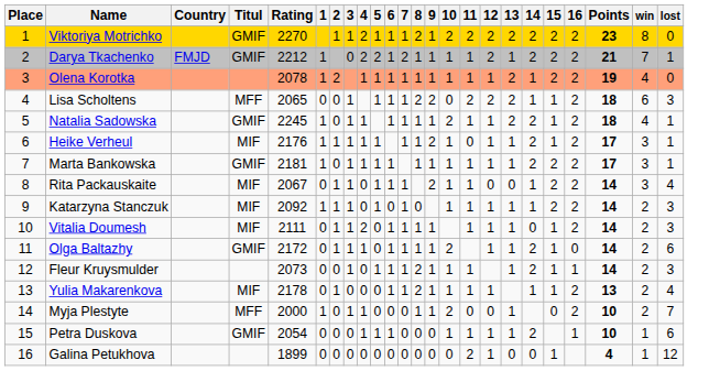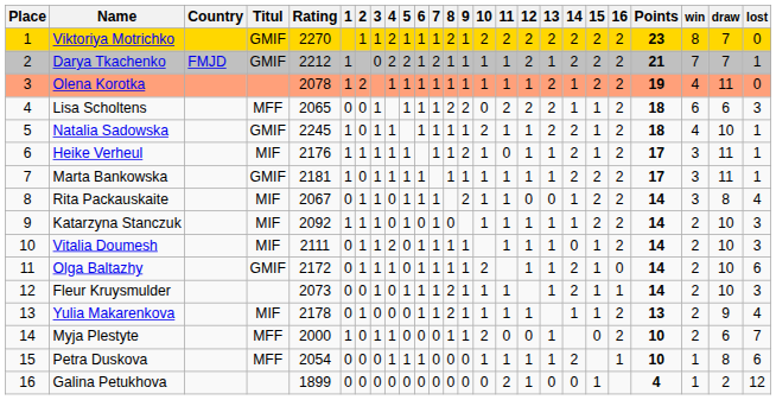 <table class=wikitable style="text-align: center;">
 <tr>
 <th>Place</th>
 <th>Name</th>
 <th>Country</th>
 <th>Titul</th>
 <th>Rating</th>
 <th>1</th>
 <th>2</th>
 <th>3</th>
 <th>4</th>
 <th>5</th>
 <th>6</th>
 <th>7</th>
 <th>8</th>
 <th>9</th>
 <th>10</th>
 <th>11</th>
 <th>12</th>
 <th>13</th>
 <th>14</th>
 <th>15</th>
 <th>16</th>
 <th>Points</th>
 <th><small>win</small></th>
+<th><small>draw</small></th>
 <th><small>lost</small></th>
 </tr>
 <tr bgcolor="gold">
 <td>1</td>
 <td align="left"><a href='#'>Viktoriya Motrichko</a></td>
 <td align="left"></td>
 <td>GMIF</td>
 <td>2270</td>
 <td></td>
 <td>1</td>
 <td>1</td>
 <td>2</td>
 <td>1</td>
 <td>1</td>
 <td>1</td>
 <td>2</td>
 <td>1</td>
 <td>2</td>
 <td>2</td>
 <td>2</td>
 <td>2</td>
 <td>2</td>
 <td>2</td>
 <td>2</td>
 <td><strong>23</strong></td>
 <td>8</td>
+<td>7</td>
 <td>0</td>
 </tr>
 <tr bgcolor="silver">
 <td>2</td>
 <td align="left"><a href='#'>Darya Tkachenko</a></td>
 <td align="left"><a href='#'>FMJD</a></td>
 <td>GMIF</td>
 <td>2212</td>
 <td>1</td>
 <td></td>
 <td>0</td>
 <td>2</td>
 <td>2</td>
 <td>1</td>
 <td>2</td>
 <td>1</td>
 <td>1</td>
 <td>1</td>
 <td>1</td>
 <td>2</td>
 <td>1</td>
 <td>2</td>
 <td>2</td>
 <td>2</td>
 <td><strong>21</strong></td>
+<td>7</td>
 <td>7</td>
 <td>1</td>
 </tr>
 <tr bgcolor="lightsalmon">
 <td>3</td>
 <td align="left"><a href='#'>Olena Korotka</a></td>
 <td align="left"></td>
 <td></td>
 <td>2078</td>
 <td>1</td>
 <td>2</td>
 <td></td>
 <td>1</td>
 <td>1</td>
 <td>1</td>
 <td>1</td>
 <td>1</td>
 <td>1</td>
 <td>1</td>
 <td>1</td>
 <td>1</td>
 <td>2</td>
 <td>1</td>
 <td>2</td>
 <td>2</td>
 <td><strong>19</strong></td>
 <td>4</td>
+<td>11</td>
 <td>0</td>
 </tr>
 <tr>
 <td>4</td>
 <td align="left">Lisa Scholtens</td>
 <td align="left"></td>
 <td>MFF</td>
 <td>2065</td>
 <td>0</td>
 <td>0</td>
 <td>1</td>
 <td></td>
 <td>1</td>
 <td>1</td>
 <td>1</td>
 <td>2</td>
 <td>2</td>
 <td>0</td>
 <td>2</td>
 <td>2</td>
 <td>2</td>
 <td>1</td>
 <td>1</td>
 <td>2</td>
 <td><strong>18</strong></td>
+<td>6</td>
 <td>6</td>
 <td>3</td>
 </tr>
 <tr>
 <td>5</td>
 <td align="left"><a href='#'>Natalia Sadowska</a></td>
 <td align="left"></td>
 <td>GMIF</td>
 <td>2245</td>
 <td>1</td>
 <td>0</td>
 <td>1</td>
 <td>1</td>
 <td></td>
 <td>1</td>
 <td>1</td>
 <td>1</td>
 <td>1</td>
 <td>2</td>
 <td>1</td>
 <td>1</td>
 <td>2</td>
 <td>2</td>
 <td>1</td>
 <td>2</td>
 <td><strong>18</strong></td>
 <td>4</td>
+<td>10</td>
 <td>1</td>
 </tr>
 <tr>
 <td>6</td>
 <td align="left"><a href='#'>Heike Verheul</a></td>
 <td align="left"></td>
 <td>MIF</td>
 <td>2176</td>
 <td>1</td>
 <td>1</td>
 <td>1</td>
 <td>1</td>
 <td>1</td>
 <td></td>
 <td>1</td>
 <td>1</td>
 <td>2</td>
 <td>1</td>
 <td>0</td>
 <td>1</td>
 <td>1</td>
 <td>2</td>
 <td>1</td>
 <td>2</td>
 <td><strong>17</strong></td>
 <td>3</td>
+<td>11</td>
 <td>1</td>
 </tr>
 <tr>
 <td>7</td>
 <td align="left">Marta Bankowska</td>
 <td align="left"></td>
 <td>GMIF</td>
 <td>2181</td>
 <td>1</td>
 <td>0</td>
 <td>1</td>
 <td>1</td>
 <td>1</td>
 <td>1</td>
 <td></td>
 <td>1</td>
 <td>1</td>
 <td>1</td>
 <td>1</td>
 <td>1</td>
 <td>1</td>
 <td>2</td>
 <td>2</td>
 <td>2</td>
 <td><strong>17</strong></td>
 <td>3</td>
+<td>11</td>
 <td>1</td>
 </tr>
 <tr>
 <td>8</td>
 <td align="left">Rita Packauskaite</td>
 <td align="left"></td>
 <td>MIF</td>
 <td>2067</td>
 <td>0</td>
 <td>1</td>
 <td>1</td>
 <td>0</td>
 <td>1</td>
 <td>1</td>
 <td>1</td>
 <td 1></td>
 <td>2</td>
 <td>1</td>
 <td>1</td>
 <td>0</td>
 <td>0</td>
 <td>1</td>
 <td>2</td>
 <td>2</td>
 <td><strong>14</strong></td>
 <td>3</td>
+<td>8</td>
 <td>4</td>
 </tr>
 <tr>
 <td>9</td>
 <td align="left">Katarzyna Stanczuk</td>
 <td align="left"></td>
 <td>MIF</td>
 <td>2092</td>
 <td>1</td>
 <td>1</td>
 <td>1</td>
 <td>0</td>
 <td>1</td>
 <td>0</td>
 <td>1</td>
 <td>0</td>
 <td></td>
 <td>1</td>
 <td>1</td>
 <td>1</td>
 <td>1</td>
 <td>1</td>
 <td>2</td>
 <td>2</td>
 <td><strong>14</strong></td>
 <td>2</td>
+<td>10</td>
 <td>3</td>
 </tr>
 <tr>
 <td>10</td>
 <td align="left"><a href='#'>Vitalia Doumesh</a></td>
 <td align="left"></td>
 <td>MIF</td>
 <td>2111</td>
 <td>0</td>
 <td>1</td>
 <td>1</td>
 <td>2</td>
 <td>0</td>
 <td>1</td>
 <td>1</td>
 <td>1</td>
 <td>1</td>
 <td></td>
 <td>1</td>
 <td>1</td>
 <td>1</td>
 <td>0</td>
 <td>1</td>
 <td>2</td>
 <td><strong>14</strong></td>
 <td>2</td>
+<td>10</td>
 <td>3</td>
 </tr>
 <tr>
 <td>11</td>
 <td align="left"><a href='#'>Olga Baltazhy</a></td>
 <td align="left"></td>
 <td>GMIF</td>
 <td>2172</td>
 <td>0</td>
 <td>1</td>
 <td>1</td>
 <td>1</td>
 <td>0</td>
 <td>1</td>
 <td>1</td>
 <td>1</td>
 <td>1</td>
 <td>2</td>
 <td></td>
 <td>1</td>
 <td>1</td>
 <td>2</td>
 <td>1</td>
 <td>0</td>
 <td><strong>14</strong></td>
 <td>2</td>
+<td>10</td>
 <td>6</td>
 </tr>
 <tr>
 <td>12</td>
 <td align="left">Fleur Kruysmulder</td>
 <td align="left"></td>
 <td></td>
 <td>2073</td>
 <td>0</td>
 <td>0</td>
 <td>1</td>
 <td>0</td>
 <td>1</td>
 <td>1</td>
 <td>1</td>
 <td>2</td>
 <td>1</td>
 <td>1</td>
 <td>1</td>
 <td></td>
 <td>1</td>
 <td>2</td>
 <td>1</td>
 <td>1</td>
 <td><strong>14</strong></td>
 <td>2</td>
+<td>10</td>
 <td>3</td>
 </tr>
 <tr>
 <td>13</td>
 <td align="left"><a href='#'>Yulia Makarenkova</a></td>
 <td align="left"></td>
 <td>MIF</td>
 <td>2178</td>
 <td>0</td>
 <td>1</td>
 <td>0</td>
 <td>0</td>
 <td>0</td>
 <td>1</td>
 <td>1</td>
 <td>2</td>
 <td>1</td>
 <td>1</td>
 <td>1</td>
 <td>1</td>
 <td></td>
 <td>1</td>
 <td>1</td>
 <td>2</td>
 <td><strong>13</strong></td>
 <td>2</td>
+<td>9</td>
 <td>4</td>
 </tr>
 <tr>
 <td>14</td>
 <td align="left">Myja Plestyte</td>
 <td align="left"></td>
 <td>MFF</td>
 <td>2000</td>
 <td>1</td>
 <td>0</td>
 <td>1</td>
 <td>1</td>
 <td>0</td>
 <td>0</td>
 <td>0</td>
 <td>1</td>
 <td>1</td>
 <td>2</td>
 <td>0</td>
 <td>0</td>
 <td>1</td>
 <td></td>
 <td>0</td>
 <td>2</td>
 <td><strong>10</strong></td>
 <td>2</td>
+<td>6</td>
 <td>7</td>
 </tr>
 <tr>
 <td>15</td>
 <td align="left">Petra Duskova</td>
 <td align="left"></td>
-<td>GMIF</td>
+<td>MFF</td>
 <td>2054</td>
 <td>0</td>
 <td>0</td>
 <td>0</td>
 <td>1</td>
 <td>1</td>
 <td>1</td>
 <td>0</td>
 <td>0</td>
 <td>0</td>
 <td>1</td>
 <td>1</td>
 <td>1</td>
 <td>1</td>
 <td>2</td>
 <td></td>
 <td>1</td>
 <td><strong>10</strong></td>
 <td>1</td>
+<td>8</td>
 <td>6</td>
 </tr>
 <tr>
 <td>16</td>
 <td align="left">Galina Petukhova</td>
 <td align="left"></td>
 <td></td>
 <td>1899</td>
 <td>0</td>
 <td>0</td>
 <td>0</td>
 <td>0</td>
 <td>0</td>
 <td>0</td>
 <td>0</td>
 <td>0</td>
 <td>0</td>
 <td>0</td>
 <td>2</td>
 <td>1</td>
 <td>0</td>
 <td>0</td>
 <td>1</td>
 <td></td>
 <td><strong>4</strong></td>
 <td>1</td>
+<td>2</td>
 <td>12</td>
 </tr>
 </table>
